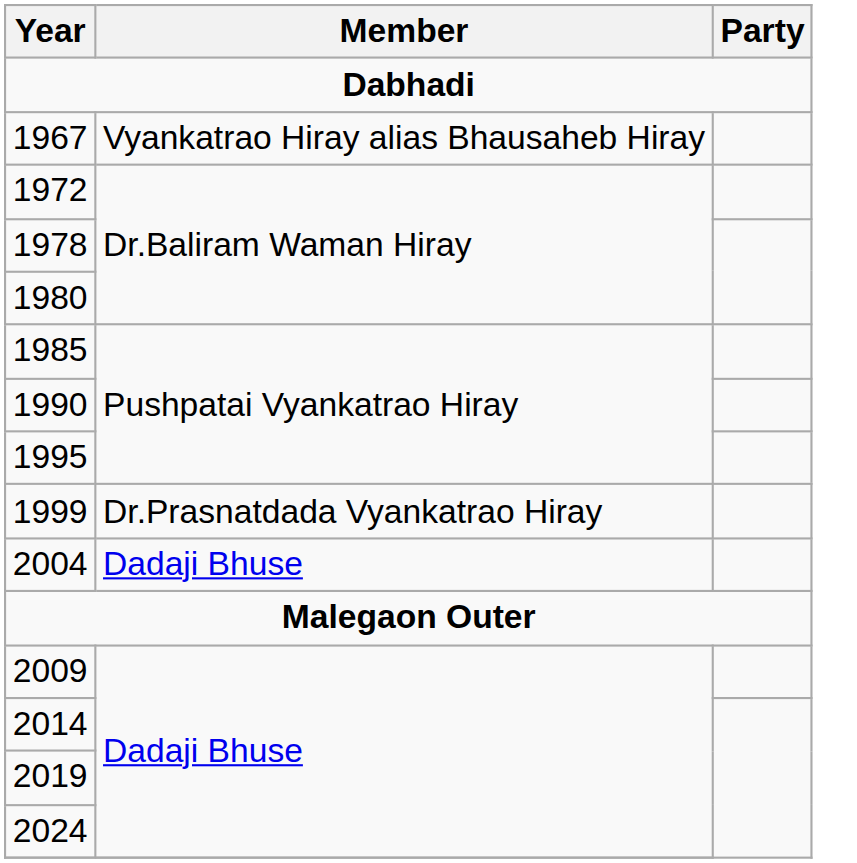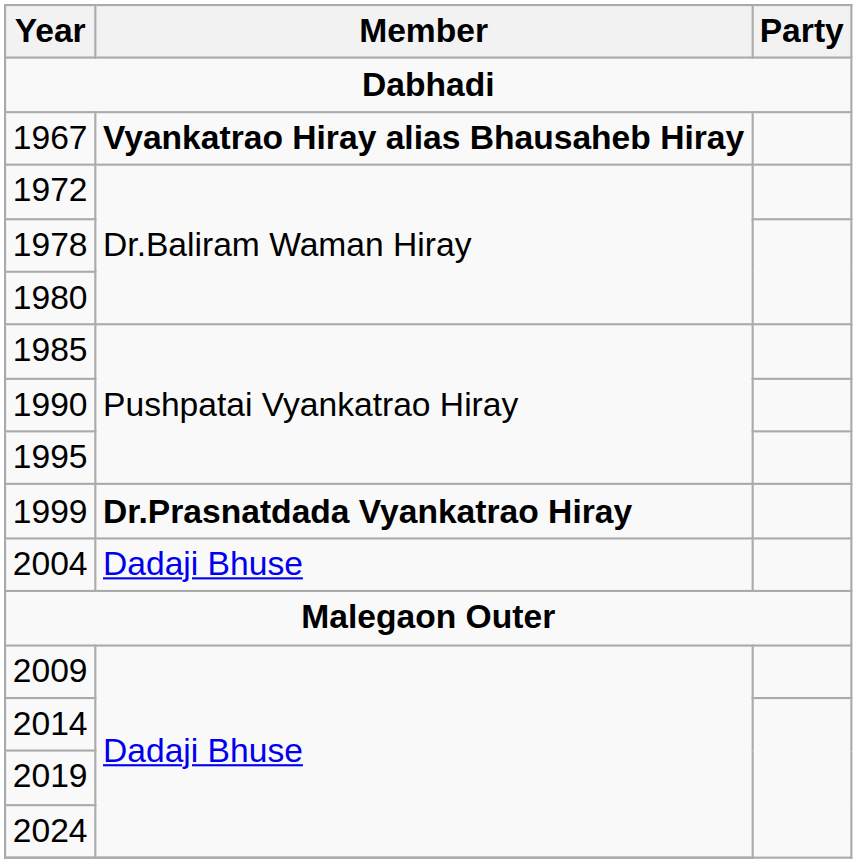 <table class = wikitable>
 <tr>
 <th>Year</th>
 <th>Member</th>
 <th colspan=2>Party</th>
 </tr>
 <tr>
 <td align="center" colspan=5><strong>Dabhadi</strong></td>
 </tr>
 <tr>
 <td>1967</td>
-<td>Vyankatrao Hiray alias Bhausaheb Hiray </td>
+<td><strong>Vyankatrao Hiray alias Bhausaheb Hiray </strong></td>
 <td></td>
 </tr>
 <tr>
 <td>1972</td>
 <td rowspan=3>Dr.Baliram Waman Hiray</td>
 <td></td>
 </tr>
 <tr>
 <td>1978</td>
 </tr>
 <tr>
 <td>1980</td>
 </tr>
 <tr>
 <td>1985</td>
 <td rowspan=3>Pushpatai Vyankatrao Hiray</td>
 <td></td>
 </tr>
 <tr>
 <td>1990</td>
 <td></td>
 </tr>
 <tr>
 <td>1995</td>
 </tr>
 <tr>
 <td>1999</td>
-<td>Dr.Prasnatdada Vyankatrao Hiray  </td>
+<td><strong>Dr.Prasnatdada Vyankatrao Hiray  </strong></td>
 <td></td>
 </tr>
 <tr>
 <td>2004</td>
 <td><a href='#'>Dadaji Bhuse</a></td>
 <td></td>
 </tr>
 <tr>
 <td align="center" colspan=5><strong>Malegaon Outer</strong></td>
 </tr>
 <tr>
 <td>2009</td>
 <td Rowspan=4><a href='#'>Dadaji Bhuse</a></td>
 <td></td>
 </tr>
 <tr>
 <td>2014</td>
 </tr>
 <tr>
 <td>2019</td>
 </tr>
 <tr>
 <td>2024</td>
 </tr>
 <tr>
 </tr>
 </table>
